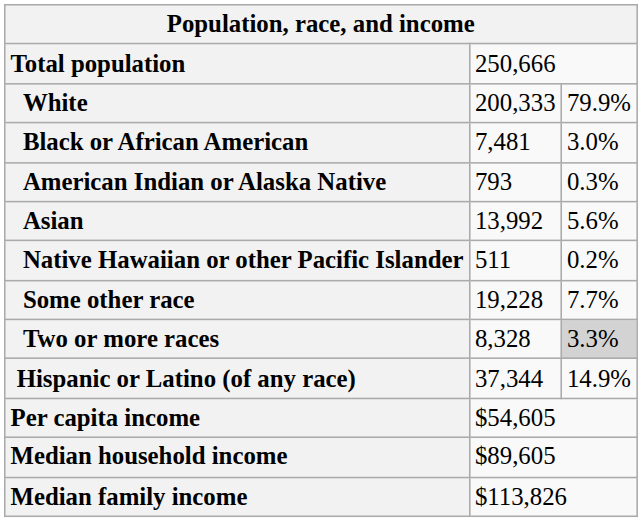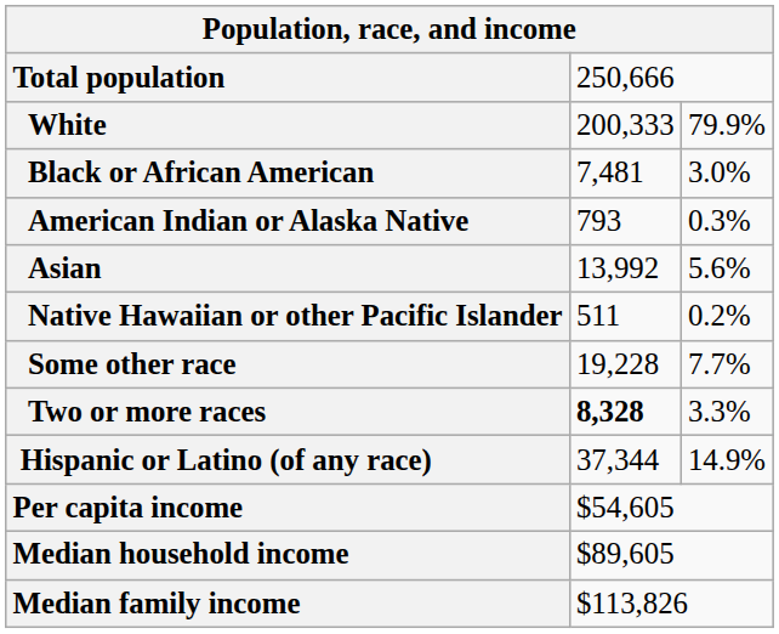 <table class="wikitable collapsible collapsed">
 <tr>
 <th colspan=6>Population, race, and income</th>
 </tr>
 <tr>
 <th scope="row" style="text-align: left;">Total population</th>
 <td colspan=2>250,666</td>
 </tr>
 <tr>
 <th scope="row" style="text-align: left;">  White</th>
 <td>200,333</td>
 <td>79.9%</td>
 </tr>
 <tr>
 <th scope="row" style="text-align: left;">  Black or African American</th>
 <td>7,481</td>
 <td>3.0%</td>
 </tr>
 <tr>
 <th scope="row" style="text-align: left;">  American Indian or Alaska Native</th>
 <td>793</td>
 <td>0.3%</td>
 </tr>
 <tr>
 <th scope="row" style="text-align: left;">  Asian</th>
 <td>13,992</td>
 <td>5.6%</td>
 </tr>
 <tr>
 <th scope="row" style="text-align: left;">  Native Hawaiian or other Pacific Islander</th>
 <td>511</td>
 <td>0.2%</td>
 </tr>
 <tr>
 <th scope="row" style="text-align: left;">  Some other race</th>
 <td>19,228</td>
 <td>7.7%</td>
 </tr>
 <tr>
 <th scope="row" style="text-align: left;">  Two or more races</th>
-<td>8,328</td>
-<td style="background: lightgrey;">3.3%</td>
+<td><strong>8,328</strong></td>
+<td>3.3%</td>
 </tr>
 <tr>
 <th scope="row" style="text-align: left;"> Hispanic or Latino (of any race)</th>
 <td>37,344</td>
 <td>14.9%</td>
 </tr>
 <tr>
 <th scope="row" style="text-align: left;">Per capita income</th>
 <td colspan=2>$54,605</td>
 </tr>
 <tr>
 <th scope="row" style="text-align: left;">Median household income</th>
 <td colspan=2>$89,605</td>
 </tr>
 <tr>
 <th scope="row" style="text-align: left;">Median family income</th>
 <td colspan=2>$113,826</td>
 </tr>
 </table>
